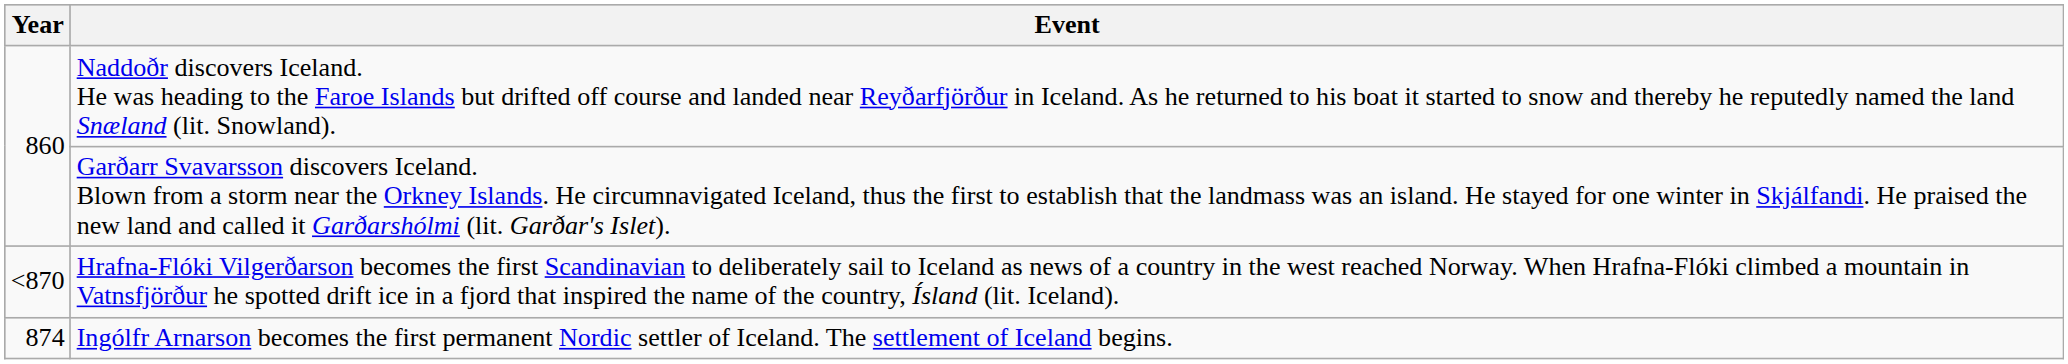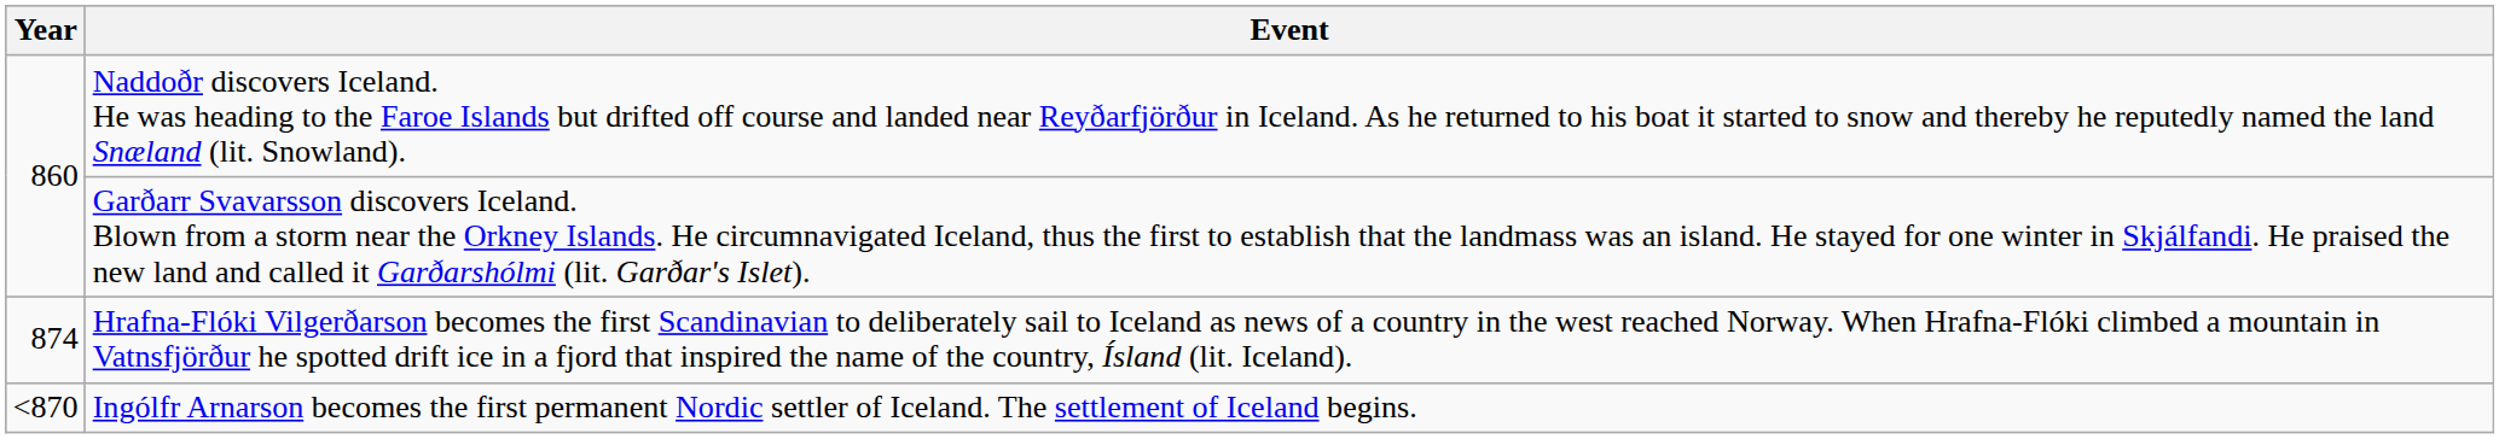 <table class="wikitable" style="width: 100%;">
 <tr>
 <th style="width: 30px;">Year</th>
 <th>Event</th>
 </tr>
 <tr>
 <td rowspan="2" style="text-align: right;">860</td>
 <td><a href='#'>Naddoðr</a> discovers Iceland.<br>He was heading to the <a href='#'>Faroe Islands</a> but drifted off course and landed near <a href='#'>Reyðarfjörður</a> in Iceland. As he returned to his boat it started to snow and thereby he reputedly named the land <em><a href='#'>Snæland</a></em> (lit. Snowland).</td>
 </tr>
 <tr>
 <td><a href='#'>Garðarr Svavarsson</a> discovers Iceland.<br>Blown from a storm near the <a href='#'>Orkney Islands</a>. He circumnavigated Iceland, thus the first to establish that the landmass was an island. He stayed for one winter in <a href='#'>Skjálfandi</a>. He praised the new land and called it <em><a href='#'>Garðarshólmi</a></em> (lit. <em>Garðar's Islet</em>).</td>
 </tr>
 <tr>
-<td style="text-align: right;"><870</td>
+<td style="text-align: right;">874</td>
 <td><a href='#'>Hrafna-Flóki Vilgerðarson</a> becomes the first <a href='#'>Scandinavian</a> to deliberately sail to Iceland as news of a country in the west reached Norway. When Hrafna-Flóki climbed a mountain in <a href='#'>Vatnsfjörður</a> he spotted drift ice in a fjord that inspired the name of the country, <em>Ísland</em> (lit. Iceland).</td>
 </tr>
 <tr>
-<td style="text-align: right;">874</td>
+<td style="text-align: right;"><870</td>
 <td><a href='#'>Ingólfr Arnarson</a> becomes the first permanent <a href='#'>Nordic</a> settler of Iceland. The <a href='#'>settlement of Iceland</a> begins.</td>
 </tr>
 </table>
